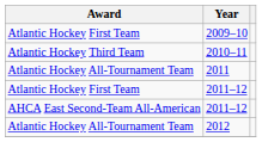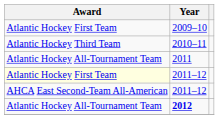 <table class="wikitable">
 <tr>
 <th>Award</th>
 <th>Year</th>
 <th></th>
 </tr>
 <tr>
 <td><a href='#'>Atlantic Hockey</a> <a href='#'>First Team</a></td>
 <td><a href='#'>2009–10</a></td>
 <td></td>
 </tr>
 <tr>
 <td><a href='#'>Atlantic Hockey</a> <a href='#'>Third Team</a></td>
 <td><a href='#'>2010–11</a></td>
 <td></td>
 </tr>
 <tr>
 <td><a href='#'>Atlantic Hockey</a> <a href='#'>All-Tournament Team</a></td>
 <td><a href='#'>2011</a></td>
 <td></td>
 </tr>
 <tr>
-<td><a href='#'>Atlantic Hockey</a> <a href='#'>First Team</a></td>
+<td style="background: lightyellow;"><a href='#'>Atlantic Hockey</a> <a href='#'>First Team</a></td>
 <td><a href='#'>2011–12</a></td>
 <td></td>
 </tr>
 <tr>
 <td><a href='#'>AHCA</a> <a href='#'>East Second-Team All-American</a></td>
 <td><a href='#'>2011–12</a></td>
 <td></td>
 </tr>
 <tr>
 <td><a href='#'>Atlantic Hockey</a> <a href='#'>All-Tournament Team</a></td>
-<td><a href='#'>2012</a></td>
+<td><strong><a href='#'>2012</a></strong></td>
 <td></td>
 </tr>
 <tr>
 </tr>
 </table>
